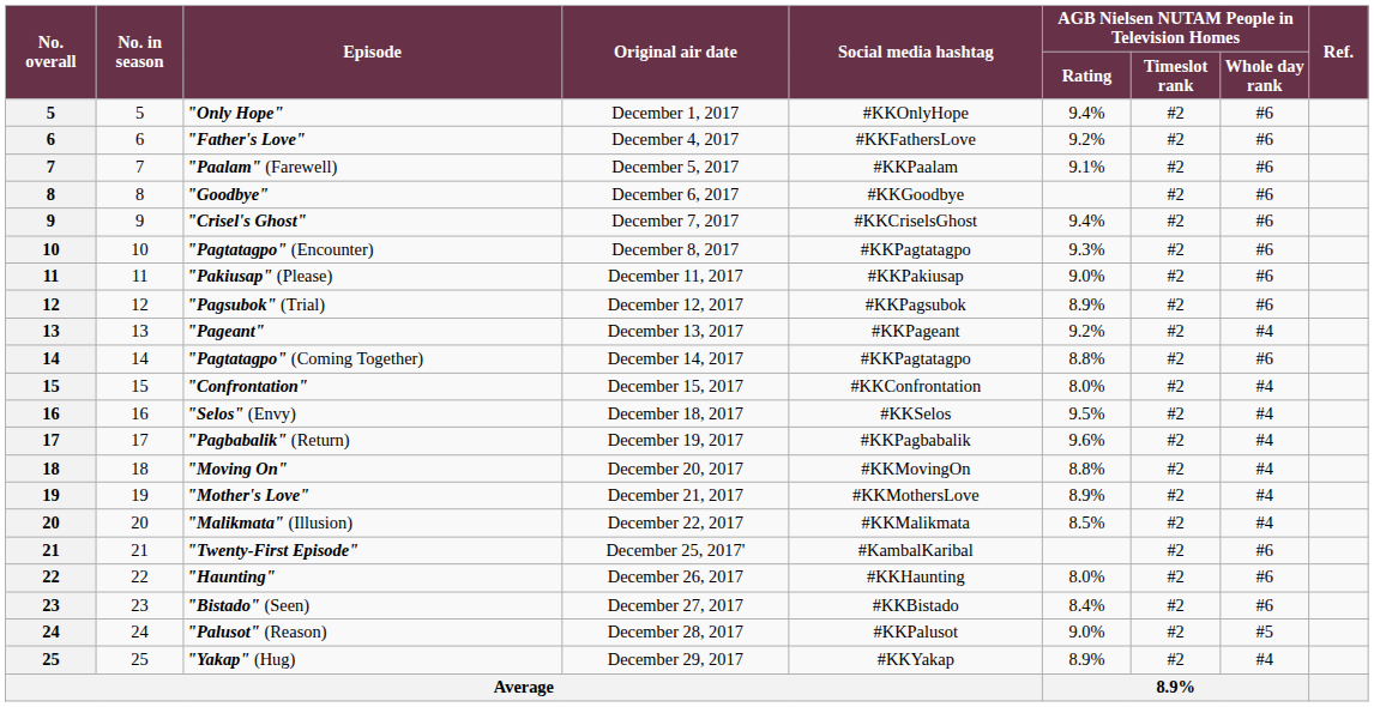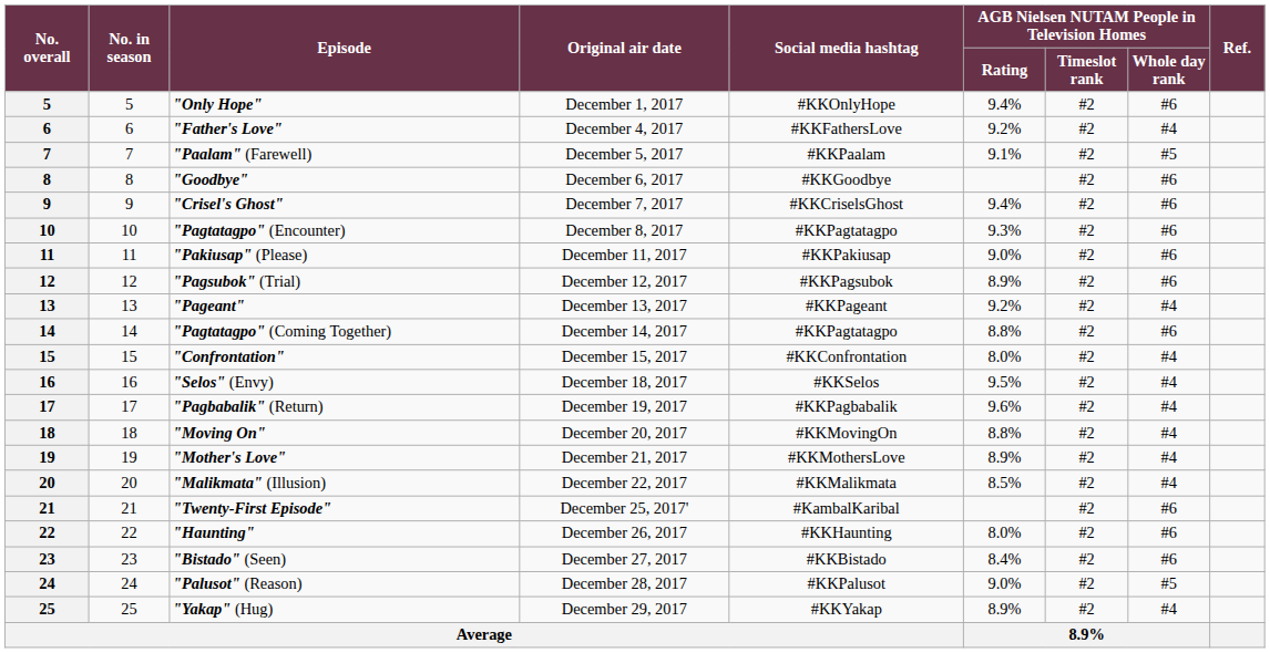 <table class="wikitable" style="text-align:center; font-size:100%; line-height:18px;" width="100%">
 <tr>
 <th style="background-color:#673147; color:#ffffff;" rowspan="2">No.<br>overall</th>
 <th style="background-color:#673147; color:#ffffff;" rowspan="2">No. in<br>season</th>
 <th style="background-color:#673147; color:#ffffff;" rowspan="2">Episode</th>
 <th style="background-color:#673147; color:white" rowspan="2">Original air date</th>
 <th style="background-color:#673147; color:white" rowspan="2">Social media hashtag</th>
 <th style="background-color:#673147; color:#ffffff;" colspan="3">AGB Nielsen NUTAM People in Television Homes</th>
 <th style="background-color:#673147; color:#ffffff;" rowspan="2">Ref.</th>
 </tr>
 <tr>
 <th style="background-color:#673147; width:75px; color:#ffffff;">Rating</th>
 <th style="background-color:#673147; width:75px; color:#ffffff;">Timeslot<br>rank</th>
 <th style="background-color:#673147; width:75px; color:#ffffff;">Whole day<br>rank</th>
 </tr>
 <tr>
 <th>5</th>
 <td>5</td>
 <td style="text-align: left;"><strong><em>"Only Hope"</em></strong></td>
 <td>December 1, 2017</td>
 <td>#KKOnlyHope</td>
 <td>9.4%</td>
 <td>#2</td>
 <td>#6</td>
 <td></td>
 </tr>
 <tr>
 <th>6</th>
 <td>6</td>
 <td style="text-align: left;"><strong><em>"Father's Love"</em></strong></td>
 <td>December 4, 2017</td>
 <td>#KKFathersLove</td>
 <td>9.2%</td>
 <td>#2</td>
-<td>#6</td>
+<td>#4</td>
 <td></td>
 </tr>
 <tr>
 <th>7</th>
 <td>7</td>
 <td style="text-align: left;"><strong><em>"Paalam"</em></strong> (Farewell)</td>
 <td>December 5, 2017</td>
 <td>#KKPaalam</td>
 <td>9.1%</td>
 <td>#2</td>
-<td>#6</td>
+<td>#5</td>
 <td></td>
 </tr>
 <tr>
 <th>8</th>
 <td>8</td>
 <td style="text-align: left;"><strong><em>"Goodbye"</em></strong></td>
 <td>December 6, 2017</td>
 <td>#KKGoodbye</td>
 <td></td>
 <td>#2</td>
 <td>#6</td>
 <td></td>
 </tr>
 <tr>
 <th>9</th>
 <td>9</td>
 <td style="text-align: left;"><strong><em>"Crisel's Ghost"</em></strong></td>
 <td>December 7, 2017</td>
 <td>#KKCriselsGhost</td>
 <td>9.4%</td>
 <td>#2</td>
 <td>#6</td>
 <td></td>
 </tr>
 <tr>
 <th>10</th>
 <td>10</td>
 <td style="text-align: left;"><strong><em>"Pagtatagpo"</em></strong> (Encounter)</td>
 <td>December 8, 2017</td>
 <td>#KKPagtatagpo</td>
 <td>9.3%</td>
 <td>#2</td>
 <td>#6</td>
 <td></td>
 </tr>
 <tr>
 <th>11</th>
 <td>11</td>
 <td style="text-align: left;"><strong><em>"Pakiusap"</em></strong> (Please)</td>
 <td>December 11, 2017</td>
 <td>#KKPakiusap</td>
 <td>9.0%</td>
 <td>#2</td>
 <td>#6</td>
 <td></td>
 </tr>
 <tr>
 <th>12</th>
 <td>12</td>
 <td style="text-align: left;"><strong><em>"Pagsubok"</em></strong> (Trial)</td>
 <td>December 12, 2017</td>
 <td>#KKPagsubok</td>
 <td>8.9%</td>
 <td>#2</td>
 <td>#6</td>
 <td></td>
 </tr>
 <tr>
 <th>13</th>
 <td>13</td>
 <td style="text-align: left;"><strong><em>"Pageant"</em></strong></td>
 <td>December 13, 2017</td>
 <td>#KKPageant</td>
 <td>9.2%</td>
 <td>#2</td>
 <td>#4</td>
 <td></td>
 </tr>
 <tr>
 <th>14</th>
 <td>14</td>
 <td style="text-align: left;"><strong><em>"Pagtatagpo"</em></strong> (Coming Together)</td>
 <td>December 14, 2017</td>
 <td>#KKPagtatagpo</td>
 <td>8.8%</td>
 <td>#2</td>
 <td>#6</td>
 <td></td>
 </tr>
 <tr>
 <th>15</th>
 <td>15</td>
 <td style="text-align: left;"><strong><em>"Confrontation"</em></strong></td>
 <td>December 15, 2017</td>
 <td>#KKConfrontation</td>
 <td>8.0%</td>
 <td>#2</td>
 <td>#4</td>
 <td></td>
 </tr>
 <tr>
 <th>16</th>
 <td>16</td>
 <td style="text-align: left;"><strong><em>"Selos"</em></strong> (Envy)</td>
 <td>December 18, 2017</td>
 <td>#KKSelos</td>
 <td>9.5%</td>
 <td>#2</td>
 <td>#4</td>
 <td></td>
 </tr>
 <tr>
 <th>17</th>
 <td>17</td>
 <td style="text-align: left;"><strong><em>"Pagbabalik"</em></strong> (Return)</td>
 <td>December 19, 2017</td>
 <td>#KKPagbabalik</td>
 <td>9.6%</td>
 <td>#2</td>
 <td>#4</td>
 <td></td>
 </tr>
 <tr>
 <th>18</th>
 <td>18</td>
 <td style="text-align: left;"><strong><em>"Moving On"</em></strong></td>
 <td>December 20, 2017</td>
 <td>#KKMovingOn</td>
 <td>8.8%</td>
 <td>#2</td>
 <td>#4</td>
 <td></td>
 </tr>
 <tr>
 <th>19</th>
 <td>19</td>
 <td style="text-align: left;"><strong><em>"Mother's Love"</em></strong></td>
 <td>December 21, 2017</td>
 <td>#KKMothersLove</td>
 <td>8.9%</td>
 <td>#2</td>
 <td>#4</td>
 <td></td>
 </tr>
 <tr>
 <th>20</th>
 <td>20</td>
 <td style="text-align: left;"><strong><em>"Malikmata"</em></strong> (Illusion)</td>
 <td>December 22, 2017</td>
 <td>#KKMalikmata</td>
 <td>8.5%</td>
 <td>#2</td>
 <td>#4</td>
 <td></td>
 </tr>
 <tr>
 <th>21</th>
 <td>21</td>
 <td style="text-align: left;"><strong><em>"Twenty-First Episode"</em></strong></td>
 <td>December 25, 2017'</td>
 <td>#KambalKaribal</td>
 <td></td>
 <td>#2</td>
 <td>#6</td>
 <td></td>
 </tr>
 <tr>
 <th>22</th>
 <td>22</td>
 <td style="text-align: left;"><strong><em>"Haunting"</em></strong></td>
 <td>December 26, 2017</td>
 <td>#KKHaunting</td>
 <td>8.0%</td>
 <td>#2</td>
 <td>#6</td>
 <td></td>
 </tr>
 <tr>
 <th>23</th>
 <td>23</td>
 <td style="text-align: left;"><strong><em>"Bistado"</em></strong> (Seen)</td>
 <td>December 27, 2017</td>
 <td>#KKBistado</td>
 <td>8.4%</td>
 <td>#2</td>
 <td>#6</td>
 <td></td>
 </tr>
 <tr>
 <th>24</th>
 <td>24</td>
 <td style="text-align: left;"><strong><em>"Palusot"</em></strong> (Reason)</td>
 <td>December 28, 2017</td>
 <td>#KKPalusot</td>
 <td>9.0%</td>
 <td>#2</td>
 <td>#5</td>
 <td></td>
 </tr>
 <tr>
 <th>25</th>
 <td>25</td>
 <td style="text-align: left;"><strong><em>"Yakap"</em></strong> (Hug)</td>
 <td>December 29, 2017</td>
 <td>#KKYakap</td>
 <td>8.9%</td>
 <td>#2</td>
 <td>#4</td>
 <td></td>
 </tr>
 <tr>
 <th colspan="5">Average</th>
 <th colspan="3">8.9%</th>
 <th></th>
 </tr>
 </table>
